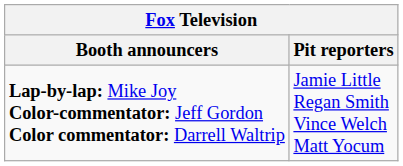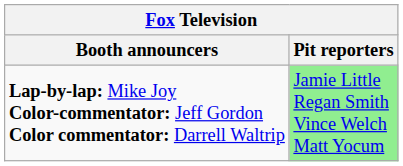 <table class="wikitable" style="font-size: 95%">
 <tr>
 <th colspan="2"><a href='#'>Fox</a> Television</th>
 </tr>
 <tr>
 <th>Booth announcers</th>
 <th>Pit reporters</th>
 </tr>
 <tr>
 <td><strong>Lap-by-lap:</strong> <a href='#'>Mike Joy</a> <br><strong>Color-commentator:</strong> <a href='#'>Jeff Gordon</a> <br><strong>Color commentator:</strong> <a href='#'>Darrell Waltrip</a></td>
-<td><a href='#'>Jamie Little</a><br><a href='#'>Regan Smith</a><br><a href='#'>Vince Welch</a><br><a href='#'>Matt Yocum</a></td>
+<td style="background: lightgreen;"><a href='#'>Jamie Little</a><br><a href='#'>Regan Smith</a><br><a href='#'>Vince Welch</a><br><a href='#'>Matt Yocum</a></td>
 </tr>
 </table>
